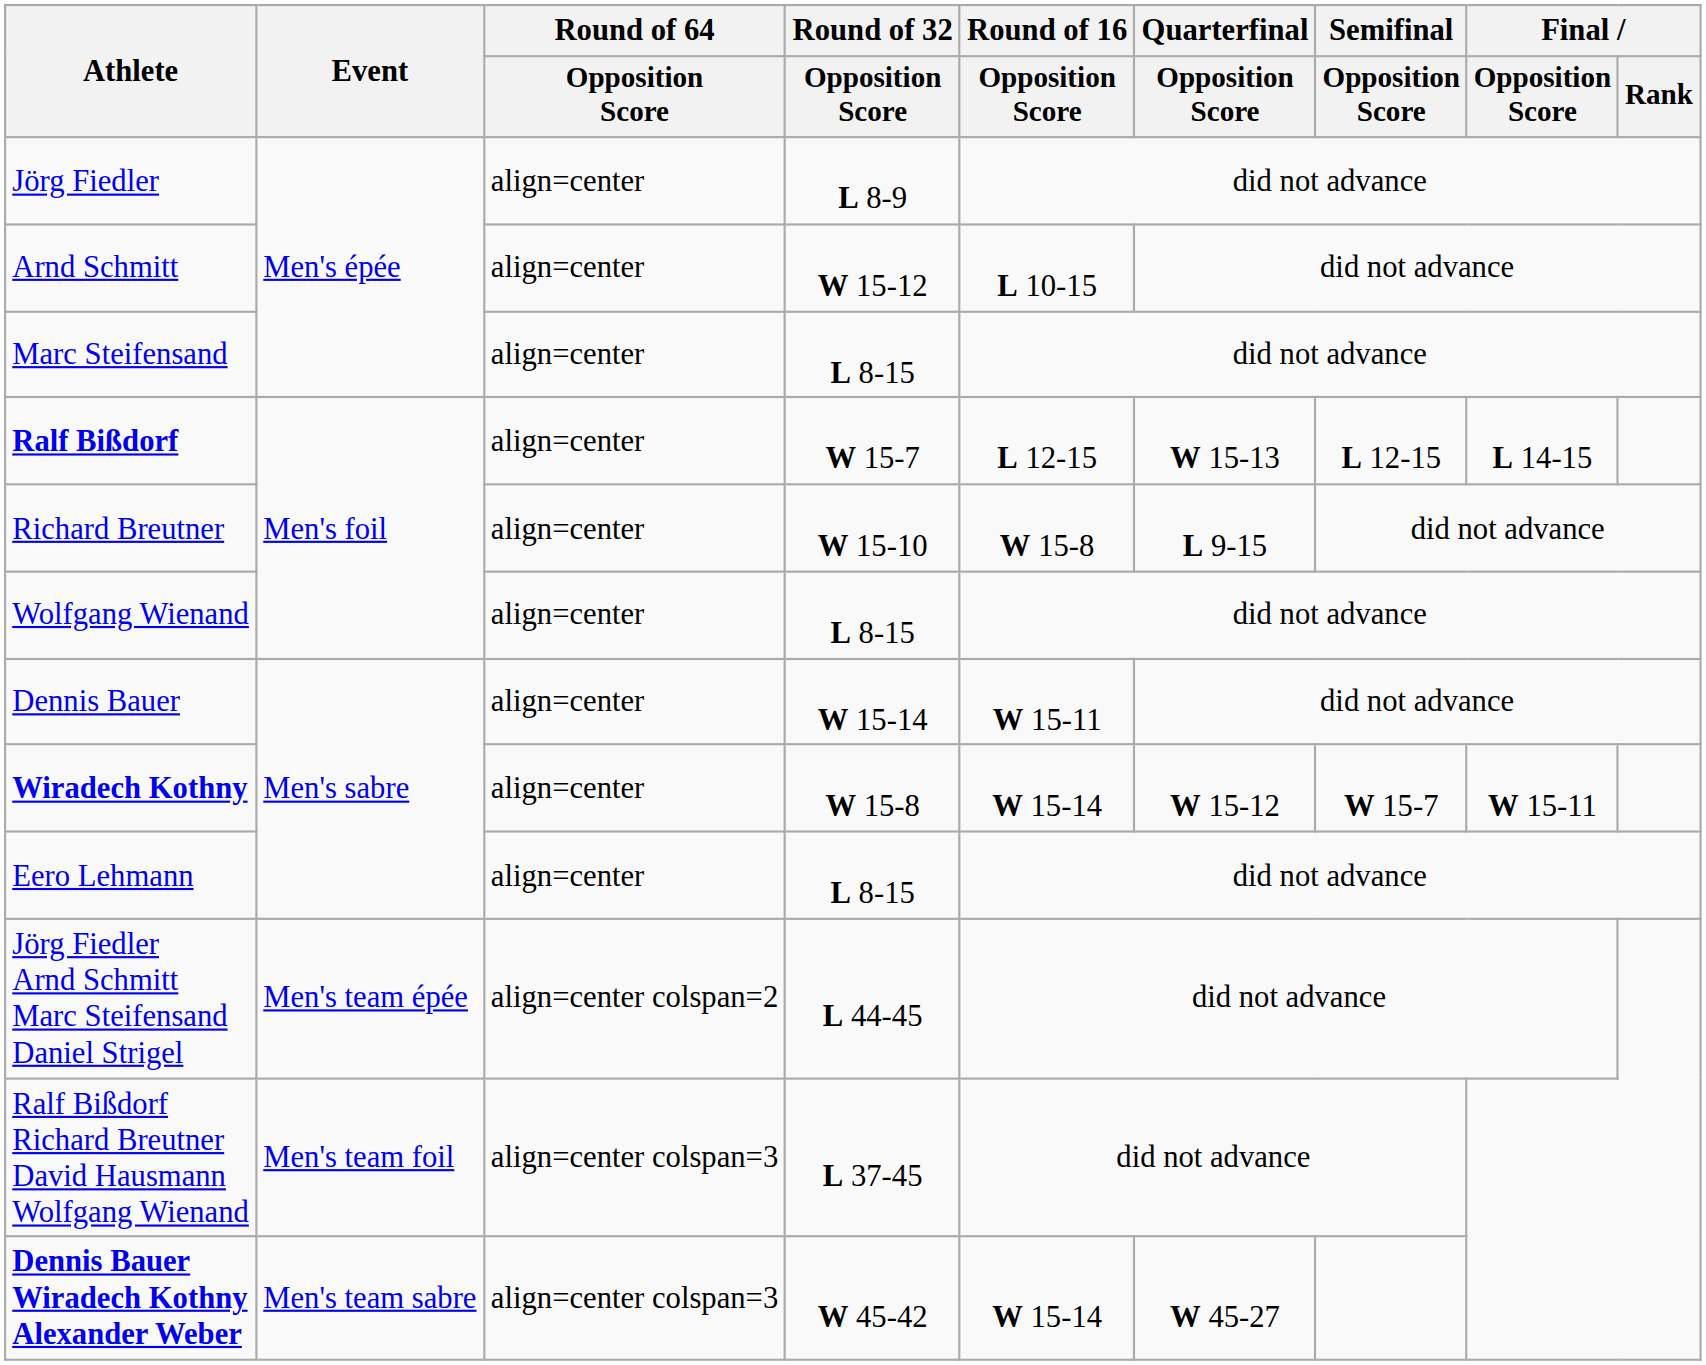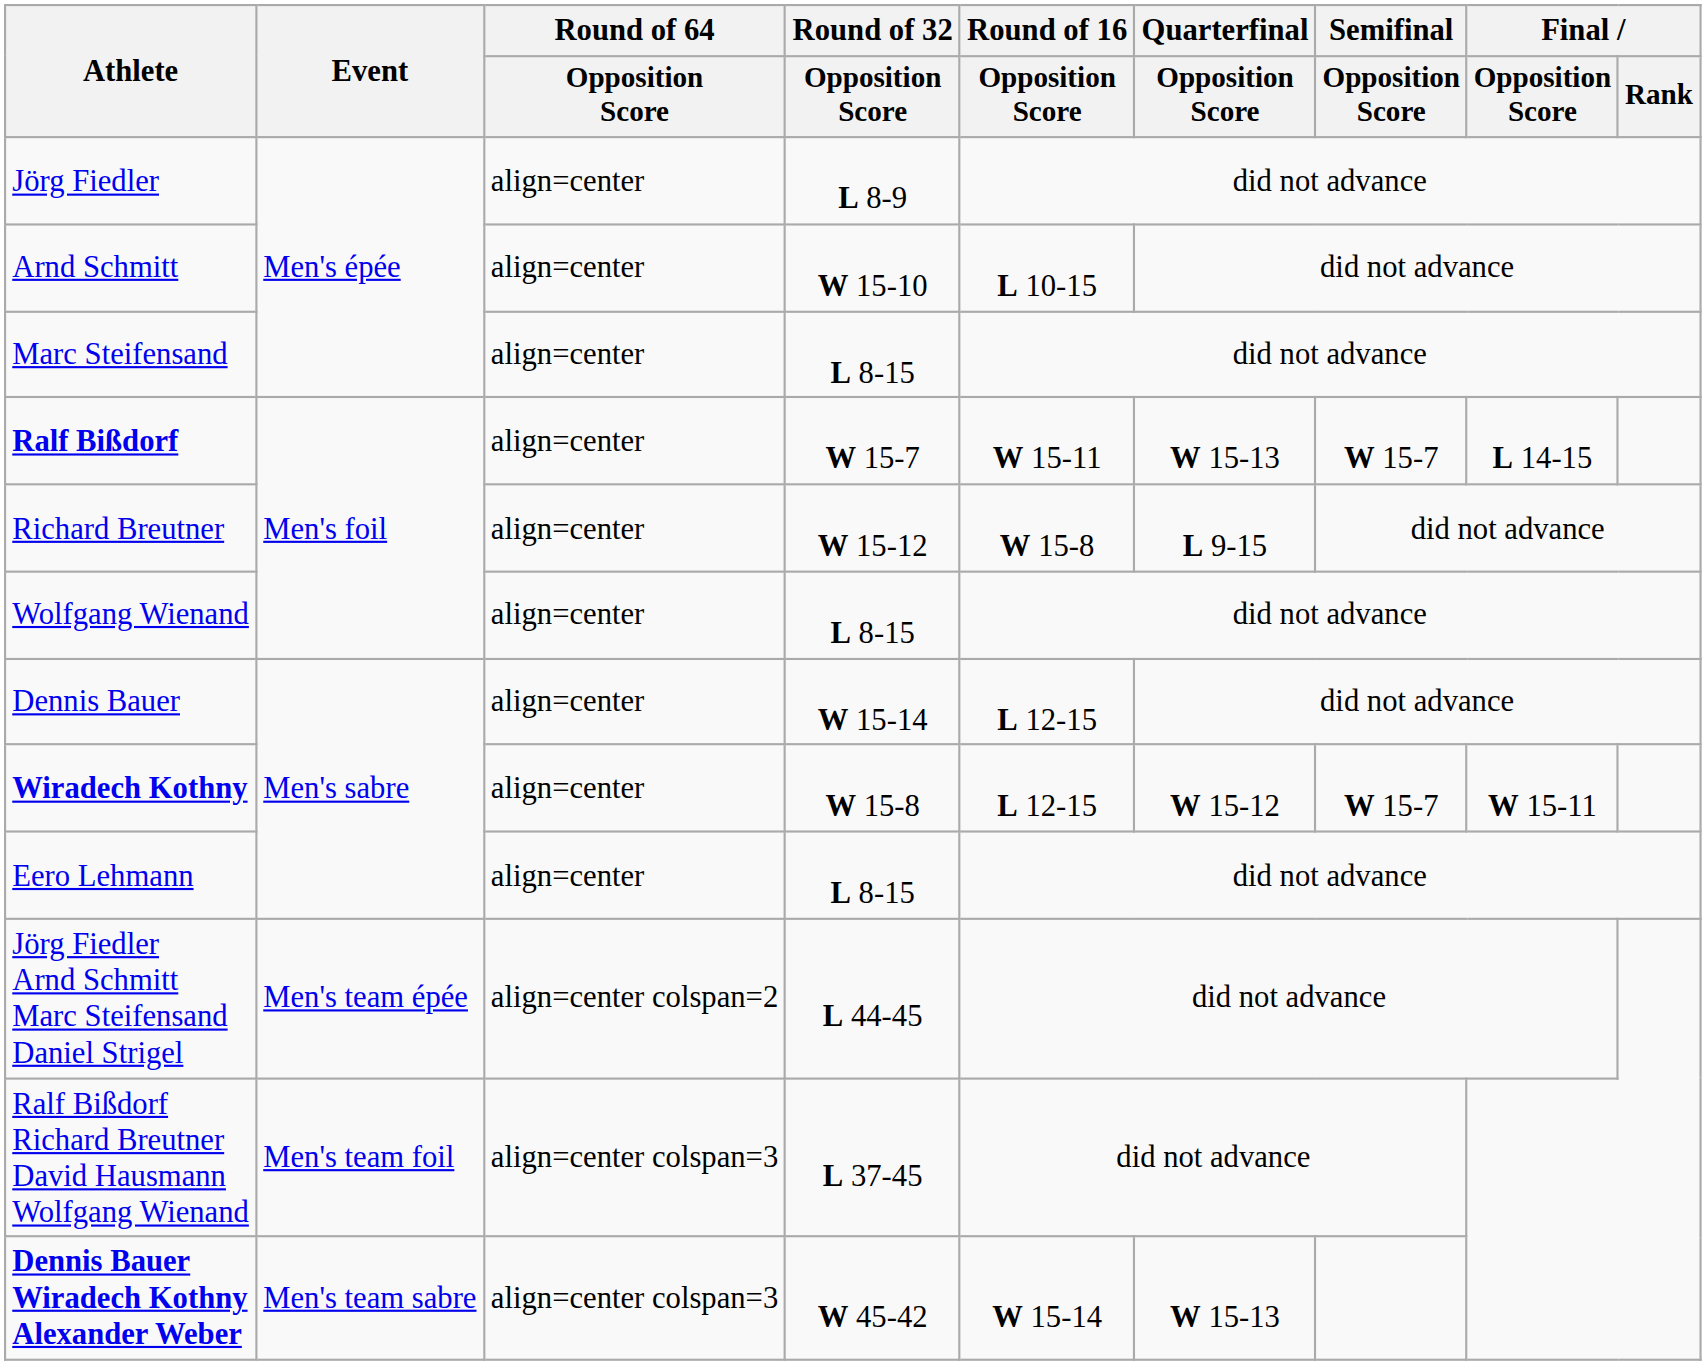 <table class="wikitable" style="font-size:90%">
 <tr>
 <th rowspan="2">Athlete</th>
 <th rowspan="2">Event</th>
 <th>Round of 64</th>
 <th>Round of 32</th>
 <th>Round of 16</th>
 <th>Quarterfinal</th>
 <th>Semifinal</th>
 <th colspan=2>Final / </th>
 </tr>
 <tr style="font-size:95%">
 <th>Opposition <br> Score</th>
 <th>Opposition <br> Score</th>
 <th>Opposition <br> Score</th>
 <th>Opposition <br> Score</th>
 <th>Opposition <br> Score</th>
 <th>Opposition <br> Score</th>
 <th>Rank</th>
 </tr>
 <tr>
 <td align=left><a href='#'>Jörg Fiedler</a></td>
 <td align=left rowspan=3><a href='#'>Men's épée</a></td>
 <td>align=center </td>
 <td align=center><br><strong>L</strong> 8-9</td>
 <td align=center colspan=5>did not advance</td>
 </tr>
 <tr>
 <td align=left><a href='#'>Arnd Schmitt</a></td>
 <td>align=center </td>
-<td align=center><br><strong>W</strong> 15-12</td>
+<td align=center><br><strong>W</strong> 15-10</td>
 <td align=center><br><strong>L</strong> 10-15</td>
 <td align=center colspan=4>did not advance</td>
 </tr>
 <tr>
 <td align=left><a href='#'>Marc Steifensand</a></td>
 <td>align=center </td>
 <td align=center><br><strong>L</strong> 8-15</td>
 <td align=center colspan=5>did not advance</td>
 </tr>
 <tr>
 <td align=left><strong><a href='#'>Ralf Bißdorf</a></strong></td>
 <td align=left rowspan=3><a href='#'>Men's foil</a></td>
 <td>align=center </td>
 <td align=center><br><strong>W</strong> 15-7</td>
-<td align=center><br><strong>L</strong> 12-15</td>
+<td align=center><br><strong>W</strong> 15-11</td>
 <td align=center><br><strong>W</strong> 15-13</td>
-<td align=center><br><strong>L</strong> 12-15</td>
+<td align=center><br><strong>W</strong> 15-7</td>
 <td align=center><br><strong>L</strong> 14-15</td>
 <td align=center></td>
 </tr>
 <tr>
 <td align=left><a href='#'>Richard Breutner</a></td>
 <td>align=center </td>
-<td align=center><br><strong>W</strong> 15-10</td>
+<td align=center><br><strong>W</strong> 15-12</td>
 <td align=center><br><strong>W</strong> 15-8</td>
 <td align=center><br><strong>L</strong> 9-15</td>
 <td align=center colspan=3>did not advance</td>
 </tr>
 <tr>
 <td align=left><a href='#'>Wolfgang Wienand</a></td>
 <td>align=center </td>
 <td align=center><br><strong>L</strong> 8-15</td>
 <td align=center colspan=5>did not advance</td>
 </tr>
 <tr>
 <td align=left><a href='#'>Dennis Bauer</a></td>
 <td align=left rowspan=3><a href='#'>Men's sabre</a></td>
 <td>align=center </td>
 <td align=center><br><strong>W</strong> 15-14</td>
-<td align=center><br><strong>W</strong> 15-11</td>
+<td align=center><br><strong>L</strong> 12-15</td>
 <td align=center colspan=4>did not advance</td>
 </tr>
 <tr>
 <td align=left><strong><a href='#'>Wiradech Kothny</a></strong></td>
 <td>align=center </td>
 <td align=center><br><strong>W</strong> 15-8</td>
-<td align=center><br><strong>W</strong> 15-14</td>
+<td align=center><br><strong>L</strong> 12-15</td>
 <td align=center><br><strong>W</strong> 15-12</td>
 <td align=center><br><strong>W</strong> 15-7</td>
 <td align=center><br><strong>W</strong> 15-11</td>
 <td align=center></td>
 </tr>
 <tr>
 <td align=left><a href='#'>Eero Lehmann</a></td>
 <td>align=center </td>
 <td align=center><br><strong>L</strong> 8-15</td>
 <td align=center colspan=5>did not advance</td>
 </tr>
 <tr>
 <td align=left><a href='#'>Jörg Fiedler</a><br> <a href='#'>Arnd Schmitt</a><br> <a href='#'>Marc Steifensand</a><br> <a href='#'>Daniel Strigel</a></td>
 <td align=left><a href='#'>Men's team épée</a></td>
 <td>align=center colspan=2 </td>
 <td align=center><br><strong>L</strong> 44-45</td>
 <td align=center colspan=4>did not advance</td>
 </tr>
 <tr>
 <td align=left><a href='#'>Ralf Bißdorf</a><br> <a href='#'>Richard Breutner</a><br> <a href='#'>David Hausmann</a><br> <a href='#'>Wolfgang Wienand</a></td>
 <td align=left><a href='#'>Men's team foil</a></td>
 <td>align=center colspan=3 </td>
 <td align=center><br><strong>L</strong> 37-45</td>
 <td align=center colspan=3>did not advance</td>
 </tr>
 <tr>
 <td align=left><strong><a href='#'>Dennis Bauer</a></strong><br> <strong><a href='#'>Wiradech Kothny</a></strong><br> <strong><a href='#'>Alexander Weber</a></strong></td>
 <td align=left><a href='#'>Men's team sabre</a></td>
 <td>align=center colspan=3 </td>
 <td align=center><br><strong>W</strong> 45-42</td>
 <td align=center><br><strong>W</strong> 15-14</td>
-<td align=center><br><strong>W</strong> 45-27</td>
+<td align=center><br><strong>W</strong> 15-13</td>
 <td align=center></td>
 </tr>
 </table>
